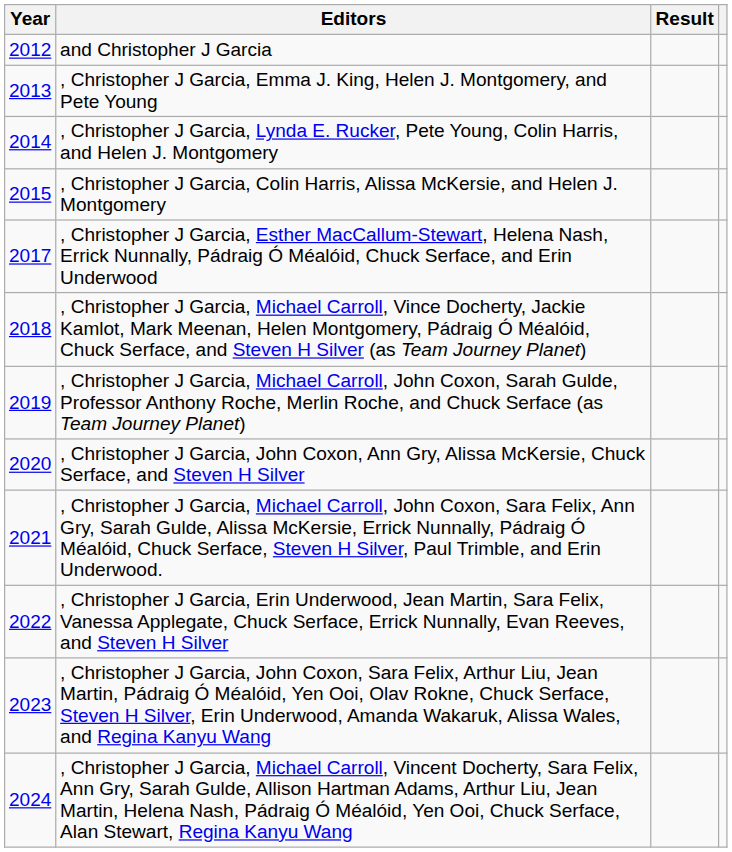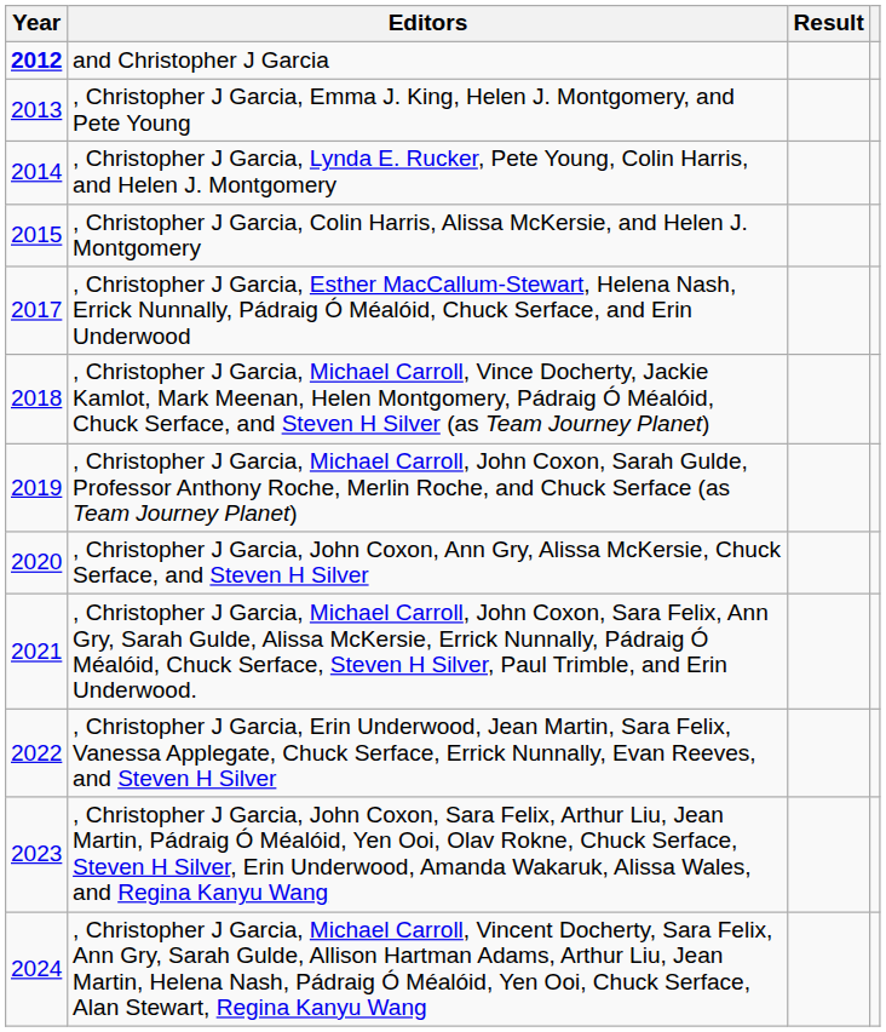 <table class="wikitable">
 <tr>
 <th>Year</th>
 <th>Editors</th>
 <th>Result</th>
 <th class="unsortable"></th>
 </tr>
 <tr>
-<td><a href='#'>2012</a></td>
+<td><strong><a href='#'>2012</a></strong></td>
 <td> and Christopher J Garcia</td>
 <td></td>
 <td align="center"></td>
 </tr>
 <tr>
 <td><a href='#'>2013</a></td>
 <td>, Christopher J Garcia, Emma J. King, Helen J. Montgomery, and Pete Young</td>
 <td></td>
 <td align="center"></td>
 </tr>
 <tr>
 <td><a href='#'>2014</a></td>
 <td>, Christopher J Garcia, <a href='#'>Lynda E. Rucker</a>, Pete Young, Colin Harris, and Helen J. Montgomery</td>
 <td></td>
 <td align="center"></td>
 </tr>
 <tr>
 <td><a href='#'>2015</a></td>
 <td>, Christopher J Garcia, Colin Harris, Alissa McKersie, and Helen J. Montgomery</td>
 <td></td>
 <td align="center"></td>
 </tr>
 <tr>
 <td><a href='#'>2017</a></td>
 <td>, Christopher J Garcia, <a href='#'>Esther MacCallum-Stewart</a>, Helena Nash, Errick Nunnally, Pádraig Ó Méalóid, Chuck Serface, and Erin Underwood</td>
 <td></td>
 <td align="center"></td>
 </tr>
 <tr>
 <td><a href='#'>2018</a></td>
 <td>, Christopher J Garcia, <a href='#'>Michael Carroll</a>, Vince Docherty, Jackie Kamlot, Mark Meenan, Helen Montgomery, Pádraig Ó Méalóid, Chuck Serface, and <a href='#'>Steven H Silver</a> (as <em>Team Journey Planet</em>)</td>
 <td></td>
 <td align="center"></td>
 </tr>
 <tr>
 <td><a href='#'>2019</a></td>
 <td>, Christopher J Garcia, <a href='#'>Michael Carroll</a>,  John Coxon, Sarah Gulde, Professor Anthony Roche, Merlin Roche, and Chuck Serface (as <em>Team Journey Planet</em>)</td>
 <td></td>
 <td align="center"></td>
 </tr>
 <tr>
 <td><a href='#'>2020</a></td>
 <td>, Christopher J Garcia, John Coxon, Ann Gry, Alissa McKersie, Chuck Serface, and <a href='#'>Steven H Silver</a></td>
 <td></td>
 <td align="center"></td>
 </tr>
 <tr>
 <td><a href='#'>2021</a></td>
 <td>, Christopher J Garcia, <a href='#'>Michael Carroll</a>, John Coxon, Sara Felix, Ann Gry, Sarah Gulde, Alissa McKersie, Errick Nunnally, Pádraig Ó Méalóid, Chuck Serface, <a href='#'>Steven H Silver</a>, Paul Trimble, and Erin Underwood.</td>
 <td></td>
 <td align="center"></td>
 </tr>
 <tr>
 <td><a href='#'>2022</a></td>
 <td>, Christopher J Garcia, Erin Underwood, Jean Martin, Sara Felix, Vanessa Applegate, Chuck Serface, Errick Nunnally, Evan Reeves, and <a href='#'>Steven H Silver</a></td>
 <td></td>
 <td align="center"></td>
 </tr>
 <tr>
 <td><a href='#'>2023</a></td>
 <td>, Christopher J Garcia, John Coxon, Sara Felix, Arthur Liu, Jean Martin, Pádraig Ó Méalóid, Yen Ooi, Olav Rokne, Chuck Serface, <a href='#'>Steven H Silver</a>, Erin Underwood, Amanda Wakaruk, Alissa Wales, and <a href='#'>Regina Kanyu Wang</a></td>
 <td></td>
 <td align="center"></td>
 </tr>
 <tr>
 <td><a href='#'>2024</a></td>
 <td>, Christopher J Garcia, <a href='#'>Michael Carroll</a>, Vincent Docherty, Sara Felix, Ann Gry, Sarah Gulde, Allison Hartman Adams, Arthur Liu, Jean Martin, Helena Nash, Pádraig Ó Méalóid, Yen Ooi, Chuck Serface, Alan Stewart, <a href='#'>Regina Kanyu Wang</a></td>
 <td></td>
 </tr>
 </table>
